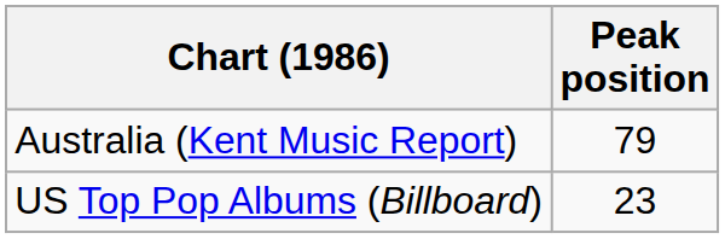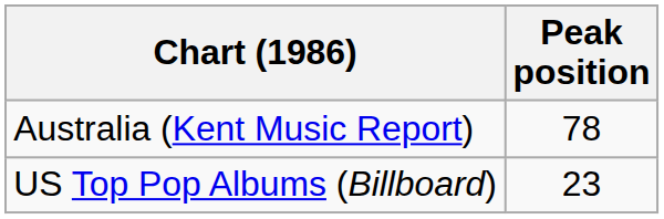 <table class="wikitable">
 <tr>
 <th scope="col">Chart (1986)</th>
 <th scope="col">Peak <br>position</th>
 </tr>
 <tr>
 <td>Australia (<a href='#'>Kent Music Report</a>)</td>
-<td style="text-align:center;">79</td>
+<td style="text-align:center;">78</td>
 </tr>
 <tr>
 <td>US <a href='#'>Top Pop Albums</a> (<em>Billboard</em>)</td>
 <td style="text-align:center;">23</td>
 </tr>
 </table>
